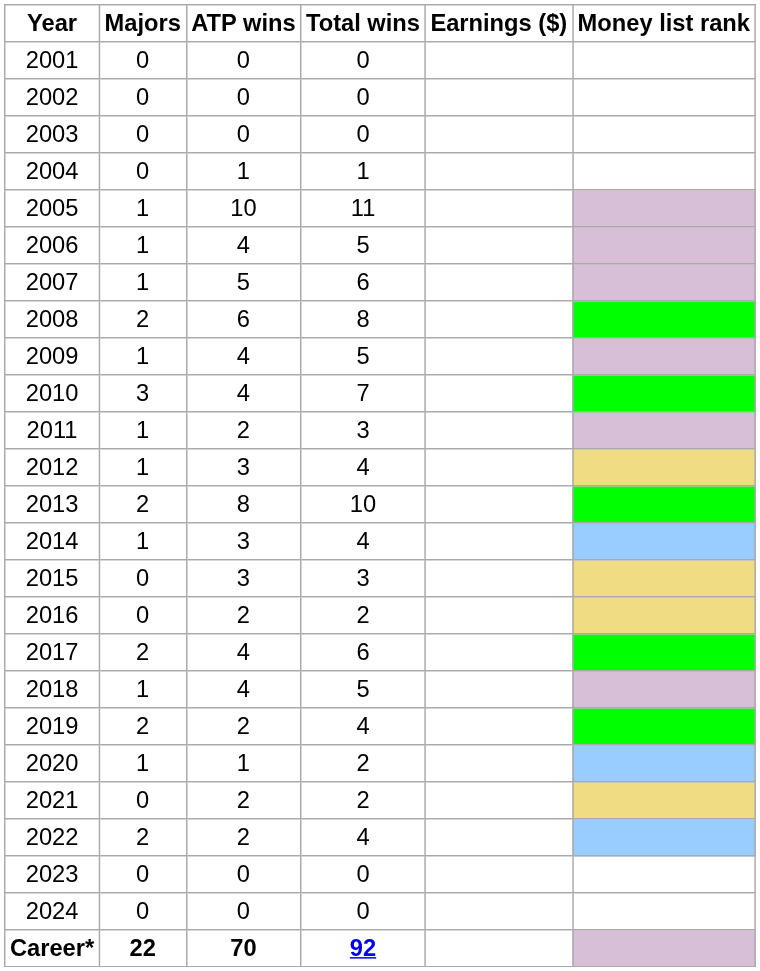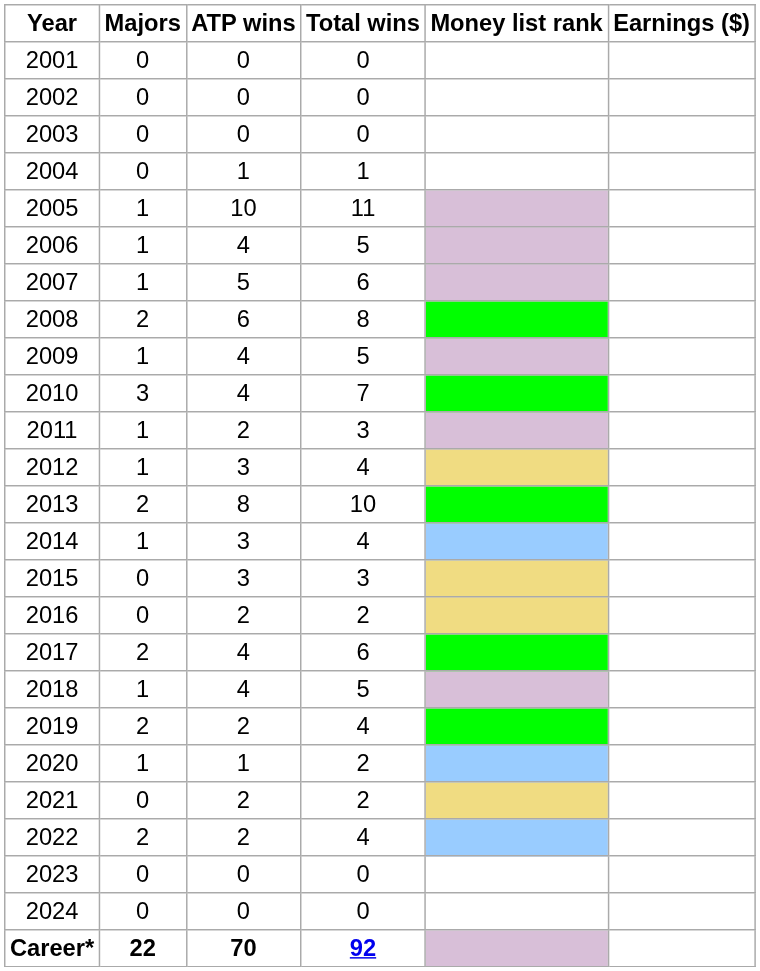 <table cellpadding=3 cellspacing=0 border=1 style=font-size:100%;border:#aaa;solid:1;border-collapse:collapse;text-align:center>
 <tr>
 <th>Year</th>
 <th>Majors</th>
 <th>ATP wins</th>
 <th>Total wins</th>
+<th>Money list rank</th>
 <th>Earnings ($)</th>
-<th>Money list rank</th>
 </tr>
 <tr>
 <td>2001</td>
 <td>0</td>
 <td>0</td>
 <td>0</td>
+<td></td>
 <td align=right></td>
-<td></td>
 </tr>
 <tr>
 <td>2002</td>
 <td>0</td>
 <td>0</td>
 <td>0</td>
+<td></td>
 <td align=right></td>
-<td></td>
 </tr>
 <tr>
 <td>2003</td>
 <td>0</td>
 <td>0</td>
 <td>0</td>
+<td></td>
 <td align=right></td>
-<td></td>
 </tr>
 <tr>
 <td>2004</td>
 <td>0</td>
 <td>1</td>
 <td>1</td>
+<td></td>
 <td align=right></td>
-<td></td>
 </tr>
 <tr>
 <td>2005</td>
 <td>1</td>
 <td>10</td>
 <td>11</td>
+<td bgcolor=thistle></td>
 <td align=right></td>
-<td bgcolor=thistle></td>
 </tr>
 <tr>
 <td>2006</td>
 <td>1</td>
 <td>4</td>
 <td>5</td>
+<td bgcolor=thistle></td>
 <td align=right></td>
-<td bgcolor=thistle></td>
 </tr>
 <tr>
 <td>2007</td>
 <td>1</td>
 <td>5</td>
 <td>6</td>
+<td bgcolor=thistle></td>
 <td align=right></td>
-<td bgcolor=thistle></td>
 </tr>
 <tr>
 <td>2008</td>
 <td>2</td>
 <td>6</td>
 <td>8</td>
+<td bgcolor=lime></td>
 <td align=right></td>
-<td bgcolor=lime></td>
 </tr>
 <tr>
 <td>2009</td>
 <td>1</td>
 <td>4</td>
 <td>5</td>
+<td bgcolor=thistle></td>
 <td align=right></td>
-<td bgcolor=thistle></td>
 </tr>
 <tr>
 <td>2010</td>
 <td>3</td>
 <td>4</td>
 <td>7</td>
+<td bgcolor=lime></td>
 <td align=right></td>
-<td bgcolor=lime></td>
 </tr>
 <tr>
 <td>2011</td>
 <td>1</td>
 <td>2</td>
 <td>3</td>
+<td bgcolor=thistle></td>
 <td align=right></td>
-<td bgcolor=thistle></td>
 </tr>
 <tr>
 <td>2012</td>
 <td>1</td>
 <td>3</td>
 <td>4</td>
+<td bgcolor=f0dc82></td>
 <td align=right></td>
-<td bgcolor=f0dc82></td>
 </tr>
 <tr>
 <td>2013</td>
 <td>2</td>
 <td>8</td>
 <td>10</td>
+<td bgcolor=lime></td>
 <td align=right></td>
-<td bgcolor=lime></td>
 </tr>
 <tr>
 <td>2014</td>
 <td>1</td>
 <td>3</td>
 <td>4</td>
+<td style="background:#9cf;"></td>
 <td align=right></td>
-<td style="background:#9cf;"></td>
 </tr>
 <tr>
 <td>2015</td>
 <td>0</td>
 <td>3</td>
 <td>3</td>
+<td bgcolor=f0dc82></td>
 <td align=right></td>
-<td bgcolor=f0dc82></td>
 </tr>
 <tr>
 <td>2016</td>
 <td>0</td>
 <td>2</td>
 <td>2</td>
+<td bgcolor=f0dc82></td>
 <td align=right></td>
-<td bgcolor=f0dc82></td>
 </tr>
 <tr>
 <td>2017</td>
 <td>2</td>
 <td>4</td>
 <td>6</td>
+<td bgcolor=lime></td>
 <td align=right></td>
-<td bgcolor=lime></td>
 </tr>
 <tr>
 <td>2018</td>
 <td>1</td>
 <td>4</td>
 <td>5</td>
+<td bgcolor=thistle></td>
 <td align=right></td>
-<td bgcolor=thistle></td>
 </tr>
 <tr>
 <td>2019</td>
 <td>2</td>
 <td>2</td>
 <td>4</td>
+<td bgcolor=lime></td>
 <td align=right></td>
-<td bgcolor=lime></td>
 </tr>
 <tr>
 <td>2020</td>
 <td>1</td>
 <td>1</td>
 <td>2</td>
+<td style="background:#9cf;"></td>
 <td align=right></td>
-<td style="background:#9cf;"></td>
 </tr>
 <tr>
 <td>2021</td>
 <td>0</td>
 <td>2</td>
 <td>2</td>
+<td bgcolor=f0dc82></td>
 <td align=right></td>
-<td bgcolor=f0dc82></td>
 </tr>
 <tr>
 <td>2022</td>
 <td>2</td>
 <td>2</td>
 <td>4</td>
+<td style="background:#9cf;"></td>
 <td align=right></td>
-<td style="background:#9cf;"></td>
 </tr>
 <tr>
 <td>2023</td>
 <td>0</td>
 <td>0</td>
 <td>0</td>
+<td></td>
 <td align=right></td>
-<td></td>
 </tr>
 <tr>
 <td>2024</td>
 <td>0</td>
 <td>0</td>
 <td>0</td>
+<td></td>
 <td align=right></td>
-<td></td>
 </tr>
 <tr>
 <th>Career*</th>
 <th>22</th>
 <th>70</th>
 <th><strong><a href='#'>92</a></strong></th>
+<td bgcolor=thistle><strong></strong></td>
 <td align=right></td>
-<td bgcolor=thistle><strong></strong></td>
 </tr>
 </table>
